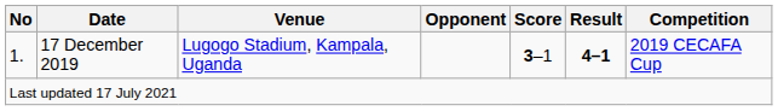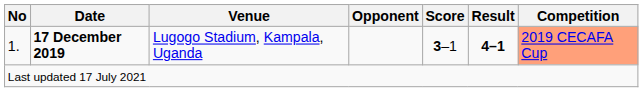 <table class="wikitable" style="font-size:85%;">
 <tr>
 <th>No</th>
 <th>Date</th>
 <th>Venue</th>
 <th>Opponent</th>
 <th>Score</th>
 <th>Result</th>
 <th>Competition</th>
 </tr>
 <tr>
 <td>1.</td>
-<td>17 December 2019</td>
+<td><strong>17 December 2019</strong></td>
 <td><a href='#'>Lugogo Stadium</a>, <a href='#'>Kampala</a>, <a href='#'>Uganda</a></td>
 <td></td>
 <td align=center><strong>3</strong>–1</td>
 <td align=center><strong>4–1</strong></td>
-<td><a href='#'>2019 CECAFA Cup</a></td>
+<td style="background: lightsalmon;"><a href='#'>2019 CECAFA Cup</a></td>
 </tr>
 <tr>
 <td colspan="7"><small>Last updated 17 July 2021</small></td>
 </tr>
 </table>
